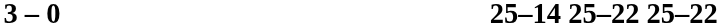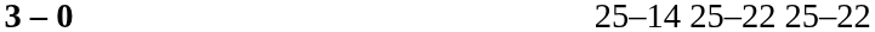 <table width=100% cellspacing=1>
 <tr>
 <th width=20%></th>
 <th width=12%></th>
 <th width=20%></th>
 <th width=33%></th>
 <td></td>
 </tr>
 <tr style=font-size:90%>
 <td align=right><strong></strong></td>
 <td align=center><strong>3 – 0</strong></td>
 <td></td>
-<td><strong>25–14 25–22 25–22</strong></td>
+<td>25–14 25–22 25–22</td>
 </tr>
 </table>
